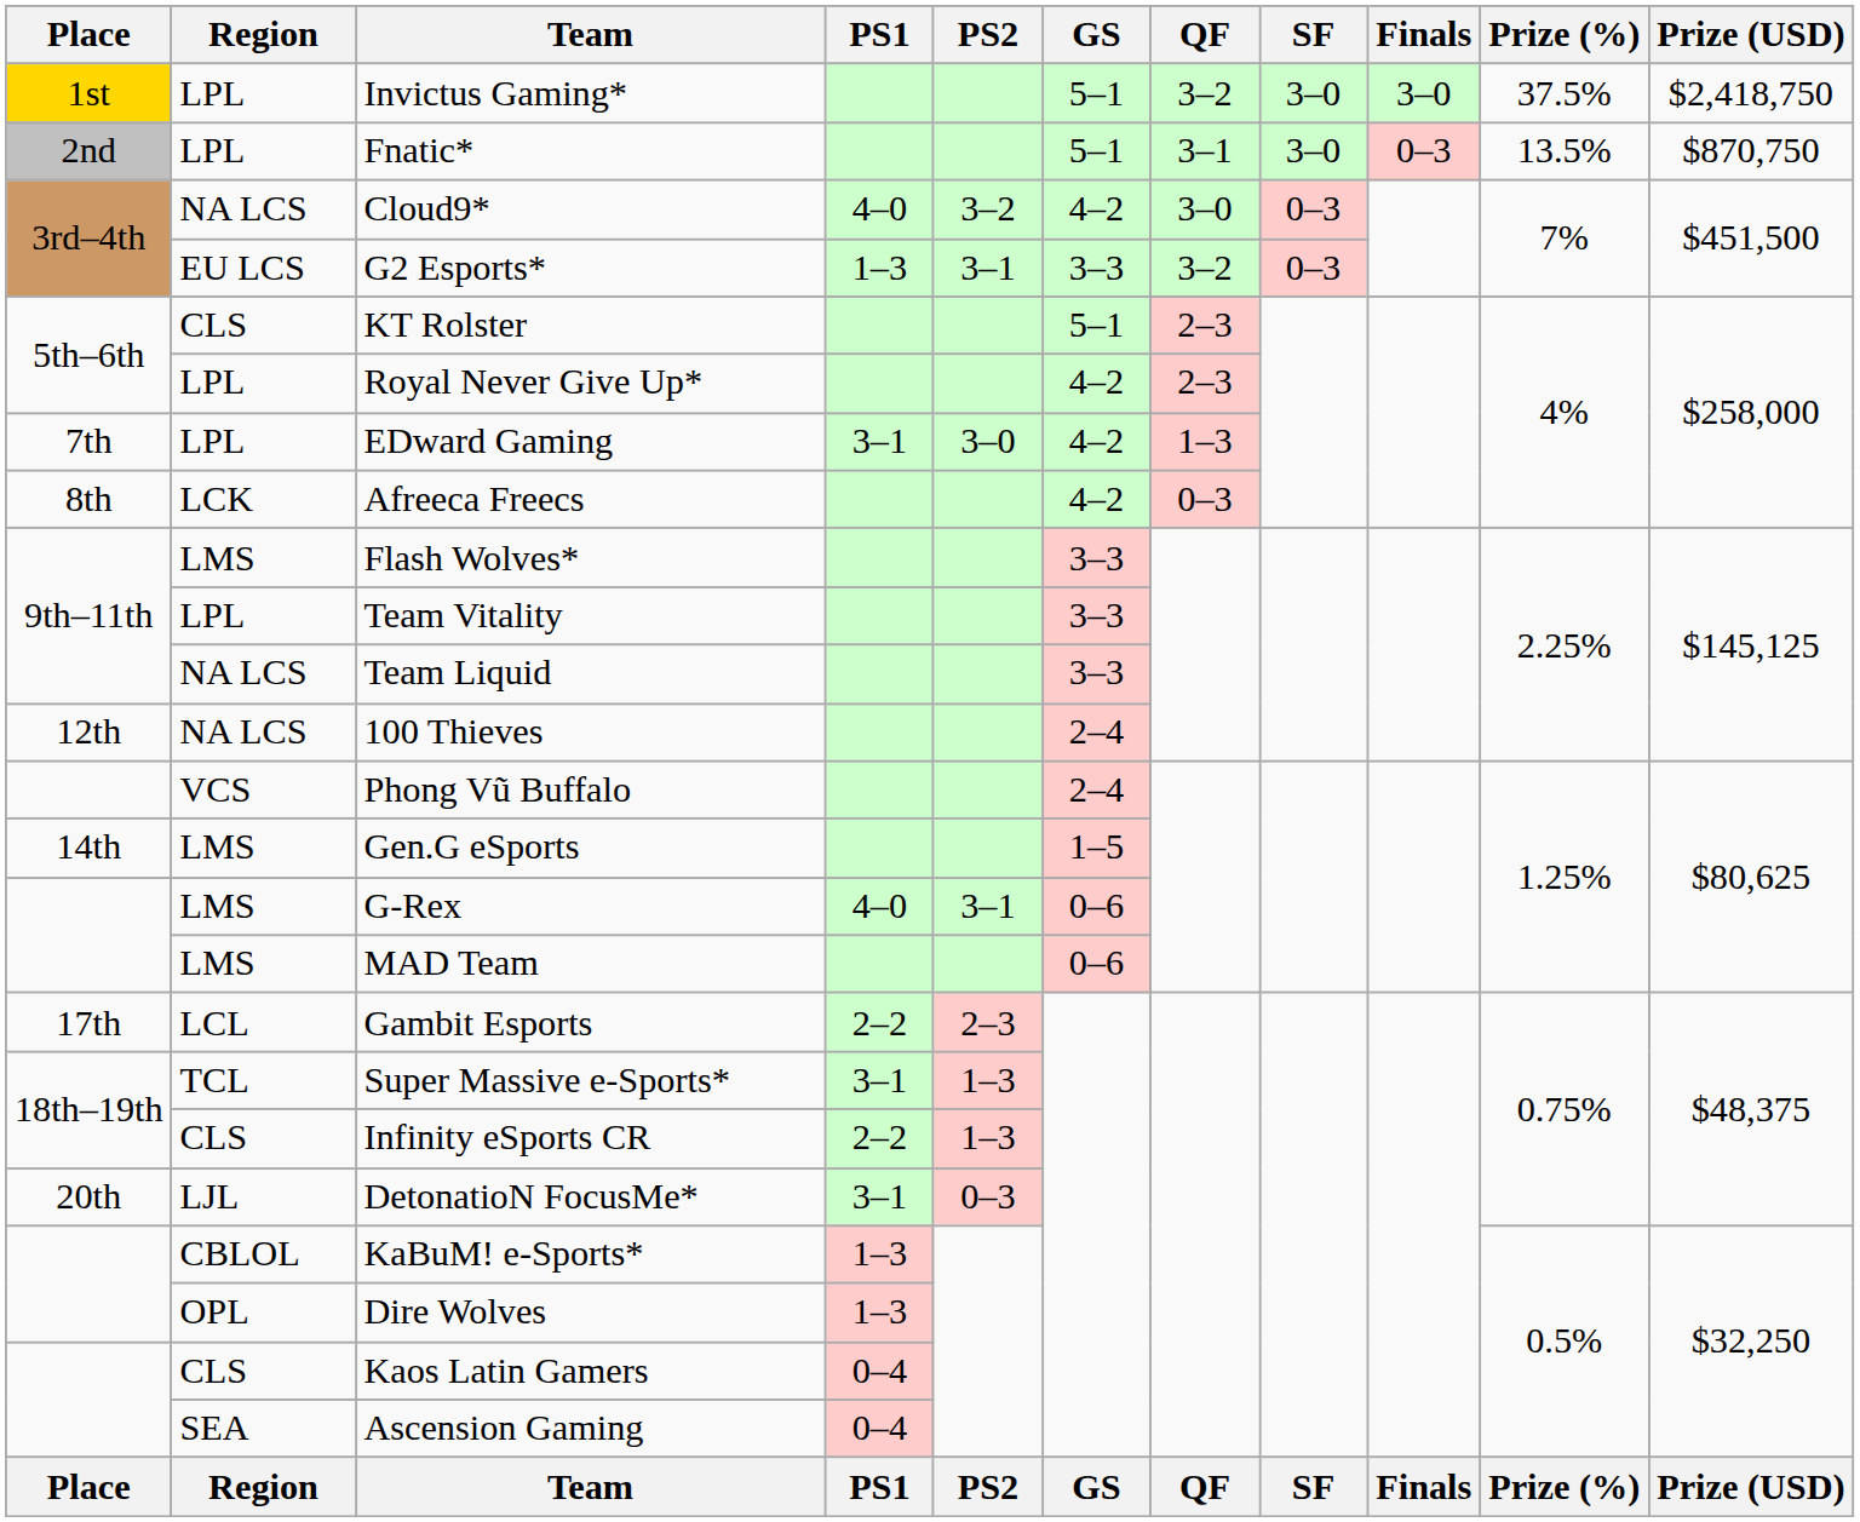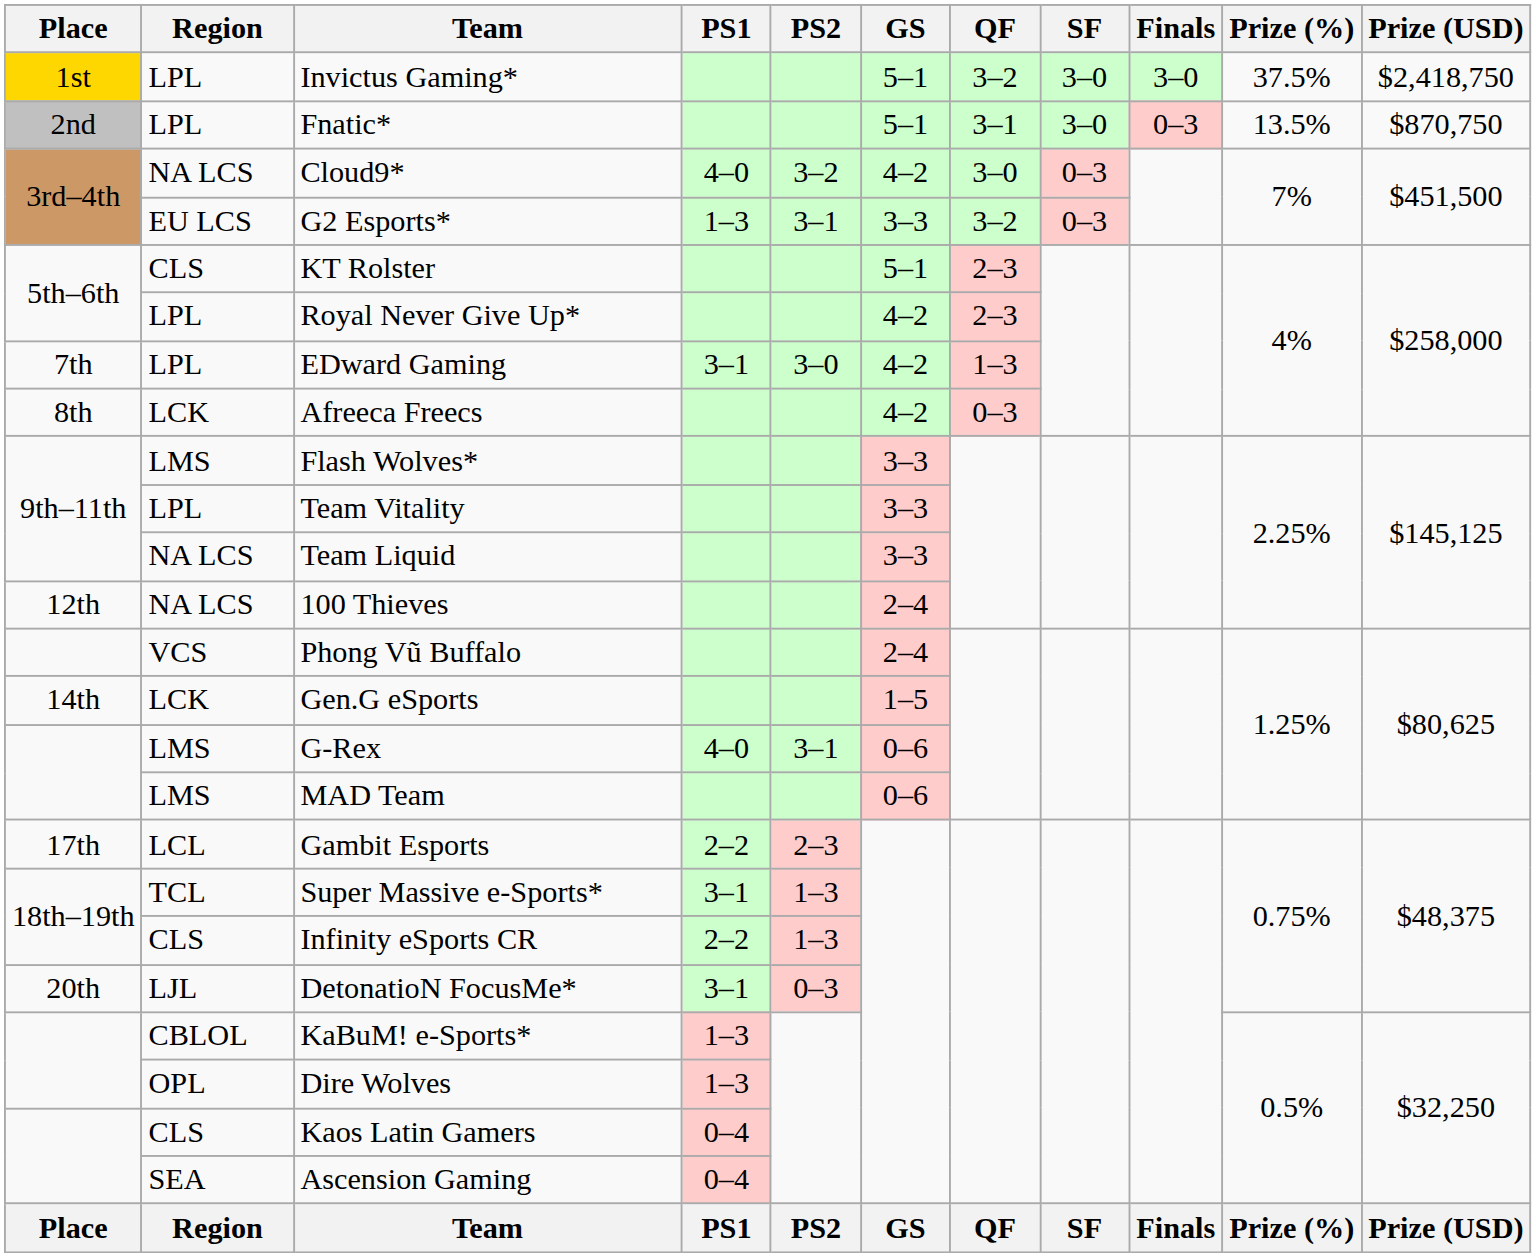 <table class="wikitable" style="text-align: center; white-space:nowrap;">
 <tr>
 <th width="62px">Place</th>
 <th width="73px">Region</th>
 <th width="198px">Team</th>
 <th width="40px" title="Play-in Stage round 1">PS1</th>
 <th width="40px" title="Play-in Stage round 2">PS2</th>
 <th width="40px" title="Group Stage">GS</th>
 <th width="40px" title="Quarterfinals">QF</th>
 <th width="40px" title="Semifinals">SF</th>
 <th>Finals</th>
 <th>Prize (%)</th>
 <th>Prize (USD)</th>
 </tr>
 <tr>
 <td style="background: gold;">1st</td>
 <td style="text-align: left;">LPL</td>
 <td style="text-align: left;"> Invictus Gaming*</td>
 <td style="background-color:#ccffcc;"></td>
 <td style="background-color:#ccffcc;"></td>
 <td style="background-color:#ccffcc;">5–1</td>
 <td style="background-color:#ccffcc;">3–2</td>
 <td style="background-color:#ccffcc;">3–0</td>
 <td style="background-color:#ccffcc;">3–0</td>
 <td>37.5%</td>
 <td>$2,418,750</td>
 </tr>
 <tr>
 <td style="background: silver;">2nd</td>
 <td style="text-align: left;">LPL</td>
 <td style="text-align: left;"> Fnatic*</td>
 <td style="background-color:#ccffcc;"></td>
 <td style="background-color:#ccffcc;"></td>
 <td style="background-color:#ccffcc;">5–1</td>
 <td style="background-color:#ccffcc;">3–1</td>
 <td style="background-color:#ccffcc;">3–0</td>
 <td style="background-color:#ffcccc;">0–3</td>
 <td>13.5%</td>
 <td>$870,750</td>
 </tr>
 <tr>
 <td rowspan="2" style="background: #c96;">3rd–4th</td>
 <td style="text-align: left;">NA LCS</td>
 <td style="text-align: left;"> Cloud9*</td>
 <td bgcolor="#ccffcc">4–0</td>
 <td bgcolor="#ccffcc">3–2</td>
 <td bgcolor="#ccffcc">4–2</td>
 <td bgcolor="#ccffcc">3–0</td>
 <td bgcolor="#ffcccc">0–3</td>
 <td rowspan="2"></td>
 <td rowspan="2">7%</td>
 <td rowspan="2">$451,500</td>
 </tr>
 <tr>
 <td style="text-align: left;">EU LCS</td>
 <td style="text-align: left;"> G2 Esports*</td>
 <td bgcolor="#ccffcc">1–3</td>
 <td bgcolor="#ccffcc">3–1</td>
 <td bgcolor="#ccffcc">3–3</td>
 <td bgcolor="#ccffcc">3–2</td>
 <td bgcolor="#ffcccc">0–3</td>
 </tr>
 <tr>
 <td rowspan="2">5th–6th</td>
 <td style="text-align: left;">CLS</td>
 <td style="text-align: left;"> KT Rolster</td>
 <td bgcolor="#ccffcc"></td>
 <td bgcolor="#ccffcc"></td>
 <td bgcolor="#ccffcc">5–1</td>
 <td bgcolor="#ffcccc">2–3</td>
 <td rowspan="4"></td>
 <td rowspan="4"></td>
 <td rowspan="4">4%</td>
 <td rowspan="4">$258,000</td>
 </tr>
 <tr>
 <td style="text-align: left;">LPL</td>
 <td style="text-align: left;"> Royal Never Give Up*</td>
 <td bgcolor="#ccffcc"></td>
 <td bgcolor="#ccffcc"></td>
 <td bgcolor="#ccffcc">4–2</td>
 <td bgcolor="#ffcccc">2–3</td>
 </tr>
 <tr>
 <td>7th</td>
 <td style="text-align: left;">LPL</td>
 <td style="text-align: left;"> EDward Gaming</td>
 <td bgcolor="#ccffcc">3–1</td>
 <td bgcolor="#ccffcc">3–0</td>
 <td bgcolor="#ccffcc">4–2</td>
 <td bgcolor="#ffcccc">1–3</td>
 </tr>
 <tr>
 <td>8th</td>
 <td style="text-align: left;">LCK</td>
 <td style="text-align: left;"> Afreeca Freecs</td>
 <td bgcolor="#ccffcc"></td>
 <td bgcolor="#ccffcc"></td>
 <td bgcolor="#ccffcc">4–2</td>
 <td bgcolor="#ffcccc">0–3</td>
 </tr>
 <tr>
 <td rowspan="3">9th–11th</td>
 <td style="text-align: left;">LMS</td>
 <td style="text-align: left;"> Flash Wolves*</td>
 <td bgcolor="#ccffcc"></td>
 <td bgcolor="#ccffcc"></td>
 <td bgcolor="#ffcccc">3–3</td>
 <td rowspan="4"></td>
 <td rowspan="4"></td>
 <td rowspan="4"></td>
 <td rowspan="4">2.25%</td>
 <td rowspan="4">$145,125</td>
 </tr>
 <tr>
 <td style="text-align: left;">LPL</td>
 <td style="text-align: left;"> Team Vitality</td>
 <td bgcolor="#ccffcc"></td>
 <td bgcolor="#ccffcc"></td>
 <td bgcolor="#ffcccc">3–3</td>
 </tr>
 <tr>
 <td style="text-align: left;">NA LCS</td>
 <td style="text-align: left;"> Team Liquid</td>
 <td bgcolor="#ccffcc"></td>
 <td bgcolor="#ccffcc"></td>
 <td bgcolor="#ffcccc">3–3</td>
 </tr>
 <tr>
 <td>12th</td>
 <td style="text-align: left;">NA LCS</td>
 <td style="text-align: left;"> 100 Thieves</td>
 <td bgcolor="#ccffcc"></td>
 <td bgcolor="#ccffcc"></td>
 <td bgcolor="#ffcccc">2–4</td>
 </tr>
 <tr>
 <td></td>
 <td style="text-align: left;">VCS</td>
 <td style="text-align: left;"> Phong Vũ Buffalo</td>
 <td bgcolor="#ccffcc"></td>
 <td bgcolor="#ccffcc"></td>
 <td bgcolor="#ffcccc">2–4</td>
 <td rowspan="4"></td>
 <td rowspan="4"></td>
 <td rowspan="4"></td>
 <td rowspan="4">1.25%</td>
 <td rowspan="4">$80,625</td>
 </tr>
 <tr>
 <td>14th</td>
-<td style="text-align: left;">LMS</td>
+<td style="text-align: left;">LCK</td>
 <td style="text-align: left;"> Gen.G eSports</td>
 <td bgcolor="#ccffcc"></td>
 <td bgcolor="#ccffcc"></td>
 <td bgcolor="#ffcccc">1–5</td>
 </tr>
 <tr>
 <td rowspan="2"></td>
 <td style="text-align: left;">LMS</td>
 <td style="text-align: left;"> G-Rex</td>
 <td bgcolor="#ccffcc">4–0</td>
 <td bgcolor="#ccffcc">3–1</td>
 <td bgcolor="#ffcccc">0–6</td>
 </tr>
 <tr>
 <td style="text-align: left;">LMS</td>
 <td style="text-align: left;"> MAD Team</td>
 <td bgcolor="#ccffcc"></td>
 <td bgcolor="#ccffcc"></td>
 <td bgcolor="#ffcccc">0–6</td>
 </tr>
 <tr>
 <td>17th</td>
 <td style="text-align: left;">LCL</td>
 <td style="text-align: left;"> Gambit Esports</td>
 <td bgcolor="#ccffcc">2–2</td>
 <td bgcolor="#ffcccc">2–3</td>
 <td rowspan="8"></td>
 <td rowspan="8"></td>
 <td rowspan="8"></td>
 <td rowspan="8"></td>
 <td rowspan="4">0.75%</td>
 <td rowspan="4">$48,375</td>
 </tr>
 <tr>
 <td rowspan="2">18th–19th</td>
 <td style="text-align: left;">TCL</td>
 <td style="text-align: left;"> Super Massive e-Sports*</td>
 <td bgcolor="#ccffcc">3–1</td>
 <td bgcolor="#ffcccc">1–3</td>
 </tr>
 <tr>
 <td style="text-align: left;">CLS</td>
 <td style="text-align: left;"> Infinity eSports CR</td>
 <td bgcolor="#ccffcc">2–2</td>
 <td bgcolor="#ffcccc">1–3</td>
 </tr>
 <tr>
 <td>20th</td>
 <td style="text-align: left;">LJL</td>
 <td style="text-align: left;"> DetonatioN FocusMe*</td>
 <td bgcolor="#ccffcc">3–1</td>
 <td bgcolor="#ffcccc">0–3</td>
 </tr>
 <tr>
 <td rowspan="2"></td>
 <td style="text-align: left;">CBLOL</td>
 <td style="text-align: left;"> KaBuM! e-Sports*</td>
 <td bgcolor="#ffcccc">1–3</td>
 <td rowspan="4"></td>
 <td rowspan="4">0.5%</td>
 <td rowspan="4">$32,250</td>
 </tr>
 <tr>
 <td style="text-align: left;">OPL</td>
 <td style="text-align: left;"> Dire Wolves</td>
 <td bgcolor="#ffcccc">1–3</td>
 </tr>
 <tr>
 <td rowspan="2"></td>
 <td style="text-align: left;">CLS</td>
 <td style="text-align: left;"> Kaos Latin Gamers</td>
 <td bgcolor="#ffcccc">0–4</td>
 </tr>
 <tr>
 <td style="text-align: left;">SEA</td>
 <td style="text-align: left;"> Ascension Gaming</td>
 <td bgcolor="#ffcccc">0–4</td>
 </tr>
 <tr>
 <th>Place</th>
 <th>Region</th>
 <th>Team</th>
 <th title="Play-in Stage round 1">PS1</th>
 <th title="Play-in Stage round 2">PS2</th>
 <th title="Group Stage">GS</th>
 <th title="Quarterfinals">QF</th>
 <th title="Semifinals">SF</th>
 <th>Finals</th>
 <th>Prize (%)</th>
 <th>Prize (USD)</th>
 </tr>
 </table>
